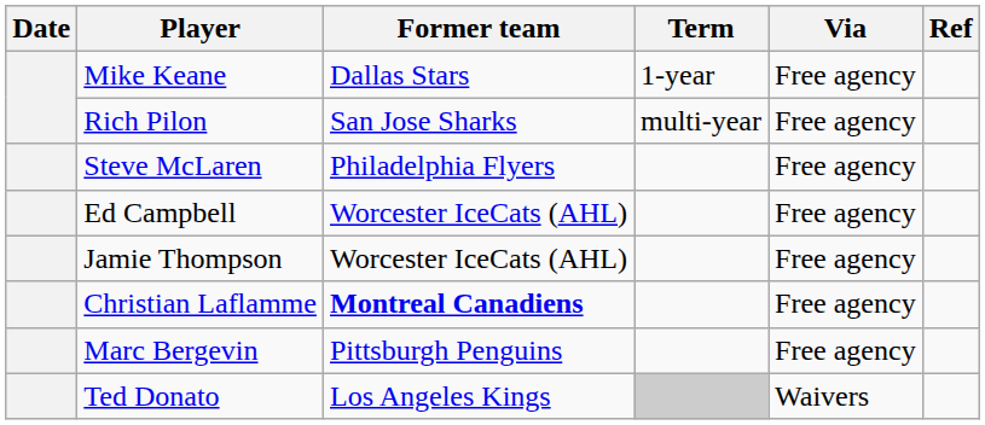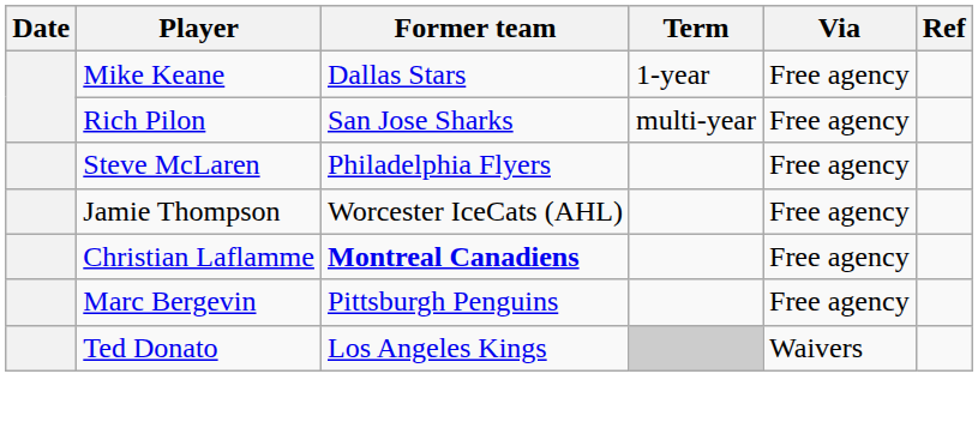 <table class="wikitable plainrowheaders">
 <tr style="background:#ddd; text-align:center;">
 <th>Date</th>
 <th>Player</th>
 <th>Former team</th>
 <th>Term</th>
 <th>Via</th>
 <th>Ref</th>
 </tr>
 <tr>
 <th scope="row" rowspan=2></th>
 <td><a href='#'>Mike Keane</a></td>
 <td><a href='#'>Dallas Stars</a></td>
 <td>1-year</td>
 <td>Free agency</td>
 <td></td>
 </tr>
 <tr>
 <td><a href='#'>Rich Pilon</a></td>
 <td><a href='#'>San Jose Sharks</a></td>
 <td>multi-year</td>
 <td>Free agency</td>
 <td></td>
 </tr>
 <tr>
 <th scope="row"></th>
 <td><a href='#'>Steve McLaren</a></td>
 <td><a href='#'>Philadelphia Flyers</a></td>
-<td></td>
-<td>Free agency</td>
-<td></td>
-</tr>
-<tr>
-<th scope="row"></th>
-<td>Ed Campbell</td>
-<td><a href='#'>Worcester IceCats</a> (<a href='#'>AHL</a>)</td>
 <td></td>
 <td>Free agency</td>
 <td></td>
 </tr>
 <tr>
 <th scope="row"></th>
 <td>Jamie Thompson</td>
 <td>Worcester IceCats (AHL)</td>
 <td></td>
 <td>Free agency</td>
 <td></td>
 </tr>
 <tr>
 <th scope="row"></th>
 <td><a href='#'>Christian Laflamme</a></td>
 <td><strong><a href='#'>Montreal Canadiens</a></strong></td>
 <td></td>
 <td>Free agency</td>
 <td></td>
 </tr>
 <tr>
 <th scope="row"></th>
 <td><a href='#'>Marc Bergevin</a></td>
 <td><a href='#'>Pittsburgh Penguins</a></td>
 <td></td>
 <td>Free agency</td>
 <td></td>
 </tr>
 <tr>
 <th scope="row"></th>
 <td><a href='#'>Ted Donato</a></td>
 <td><a href='#'>Los Angeles Kings</a></td>
 <td style="background:#ccc"></td>
 <td>Waivers</td>
 <td></td>
 </tr>
 </table>
